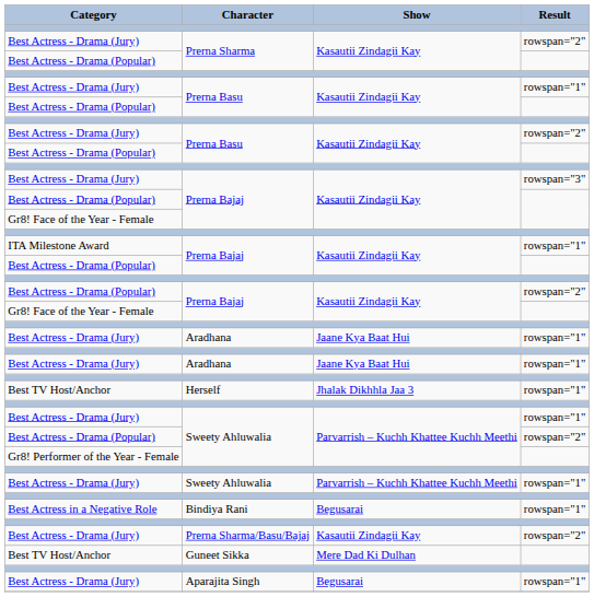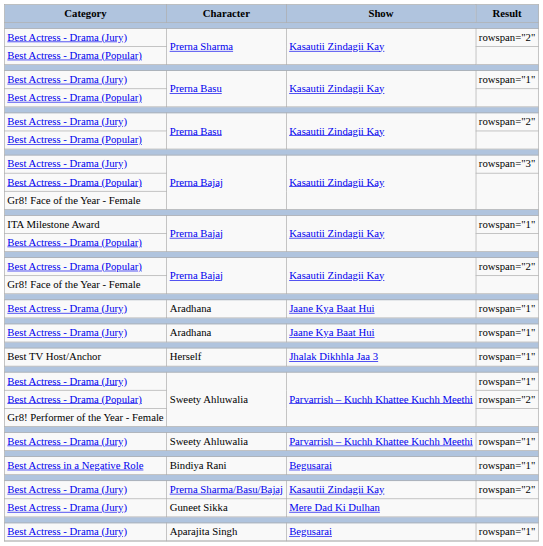 <table border="2" cellpadding="4" cellspacing="0" style="margin: 1em 1em 1em 0; background: #f9f9f9; border: 1px #aaa solid; border-collapse: collapse; font-size: 100%;">
 <tr bgcolor="#B0C4DE" align="center">
 <th>Category</th>
 <th>Character</th>
 <th>Show</th>
 <th>Result</th>
 </tr>
 <tr>
 <td style="background-color:#B0C4DE" colspan="4"></td>
 </tr>
 <tr>
 <td><a href='#'>Best Actress - Drama (Jury)</a></td>
 <td rowspan="2"><a href='#'>Prerna Sharma</a></td>
 <td rowspan="2"><a href='#'>Kasautii Zindagii Kay</a></td>
 <td>rowspan="2"</td>
 </tr>
 <tr>
 <td><a href='#'>Best Actress - Drama (Popular)</a></td>
 </tr>
 <tr>
 <td style="background-color:#B0C4DE" colspan="4"></td>
 </tr>
 <tr>
 <td><a href='#'>Best Actress - Drama (Jury)</a></td>
 <td rowspan="2"><a href='#'>Prerna Basu</a></td>
 <td rowspan="2"><a href='#'>Kasautii Zindagii Kay</a></td>
 <td>rowspan="1" </td>
 </tr>
 <tr>
 <td><a href='#'>Best Actress - Drama (Popular)</a></td>
 <td></td>
 </tr>
 <tr>
 <td style="background-color:#B0C4DE" colspan="4"></td>
 </tr>
 <tr>
 <td><a href='#'>Best Actress - Drama (Jury)</a></td>
 <td rowspan="2"><a href='#'>Prerna Basu</a></td>
 <td rowspan="2"><a href='#'>Kasautii Zindagii Kay</a></td>
 <td>rowspan="2"</td>
 </tr>
 <tr>
 <td><a href='#'>Best Actress - Drama (Popular)</a></td>
 </tr>
 <tr>
 <td style="background-color:#B0C4DE" colspan="4"></td>
 </tr>
 <tr>
 <td><a href='#'>Best Actress - Drama (Jury)</a></td>
 <td rowspan="3"><a href='#'>Prerna Bajaj</a></td>
 <td rowspan="3"><a href='#'>Kasautii Zindagii Kay</a></td>
 <td>rowspan="3"</td>
 </tr>
 <tr>
 <td><a href='#'>Best Actress - Drama (Popular)</a></td>
 </tr>
 <tr>
 <td>Gr8! Face of the Year - Female</td>
 </tr>
 <tr>
 <td style="background-color:#B0C4DE" colspan="4"></td>
 </tr>
 <tr>
 <td>ITA Milestone Award</td>
 <td rowspan="2"><a href='#'>Prerna Bajaj</a></td>
 <td rowspan="2"><a href='#'>Kasautii Zindagii Kay</a></td>
 <td>rowspan="1"</td>
 </tr>
 <tr>
 <td><a href='#'>Best Actress - Drama (Popular)</a></td>
 <td></td>
 </tr>
 <tr>
 <td style="background-color:#B0C4DE" colspan="4"></td>
 </tr>
 <tr>
 <td><a href='#'>Best Actress - Drama (Popular)</a></td>
 <td rowspan="2"><a href='#'>Prerna Bajaj</a></td>
 <td rowspan="2"><a href='#'>Kasautii Zindagii Kay</a></td>
 <td>rowspan="2"</td>
 </tr>
 <tr>
 <td>Gr8! Face of the Year - Female</td>
 </tr>
 <tr>
 <td style="background-color:#B0C4DE" colspan="4"></td>
 </tr>
 <tr>
 <td><a href='#'>Best Actress - Drama (Jury)</a></td>
 <td>Aradhana</td>
 <td><a href='#'>Jaane Kya Baat Hui</a></td>
 <td>rowspan="1"</td>
 </tr>
 <tr>
 <td style="background-color:#B0C4DE" colspan="4"></td>
 </tr>
 <tr>
 <td><a href='#'>Best Actress - Drama (Jury)</a></td>
 <td>Aradhana</td>
 <td><a href='#'>Jaane Kya Baat Hui</a></td>
 <td>rowspan="1"</td>
 </tr>
 <tr>
 <td style="background-color:#B0C4DE" colspan="4"></td>
 </tr>
 <tr>
 <td>Best TV Host/Anchor</td>
 <td>Herself</td>
 <td rowspan="1"><a href='#'>Jhalak Dikhhla Jaa 3</a></td>
 <td>rowspan="1"</td>
 </tr>
 <tr>
 <td style="background-color:#B0C4DE" colspan="4"></td>
 </tr>
 <tr>
 <td><a href='#'>Best Actress - Drama (Jury)</a></td>
 <td rowspan="3">Sweety Ahluwalia</td>
 <td rowspan="3"><a href='#'>Parvarrish – Kuchh Khattee Kuchh Meethi</a></td>
 <td>rowspan="1"</td>
 </tr>
 <tr>
 <td><a href='#'>Best Actress - Drama (Popular)</a></td>
 <td>rowspan="2"</td>
 </tr>
 <tr>
 <td>Gr8! Performer of the Year - Female</td>
 </tr>
 <tr>
 <td style="background-color:#B0C4DE" colspan="4"></td>
 </tr>
 <tr>
 <td><a href='#'>Best Actress - Drama (Jury)</a></td>
 <td rowspan="1">Sweety Ahluwalia</td>
 <td rowspan="1"><a href='#'>Parvarrish – Kuchh Khattee Kuchh Meethi</a></td>
 <td>rowspan="1"</td>
 </tr>
 <tr>
 <td style="background-color:#B0C4DE" colspan="4"></td>
 </tr>
 <tr>
 <td><a href='#'>Best Actress in a Negative Role</a></td>
 <td>Bindiya Rani</td>
 <td><a href='#'>Begusarai</a></td>
 <td>rowspan="1"</td>
 </tr>
 <tr>
 <td style="background-color:#B0C4DE" colspan="4"></td>
 </tr>
 <tr>
 <td><a href='#'>Best Actress - Drama (Jury)</a></td>
 <td><a href='#'>Prerna Sharma/Basu/Bajaj</a></td>
 <td><a href='#'>Kasautii Zindagii Kay</a></td>
 <td>rowspan="2" </td>
 </tr>
 <tr>
-<td>Best TV Host/Anchor</td>
+<td><a href='#'>Best Actress - Drama (Jury)</a></td>
 <td>Guneet Sikka</td>
 <td><a href='#'>Mere Dad Ki Dulhan</a></td>
 </tr>
 <tr>
 <td style="background-color:#B0C4DE" colspan="4"></td>
 </tr>
 <tr>
 <td><a href='#'>Best Actress - Drama (Jury)</a></td>
 <td rowspan="1">Aparajita Singh</td>
 <td><a href='#'>Begusarai</a></td>
 <td>rowspan="1"</td>
 </tr>
 <tr>
 </tr>
 </table>
